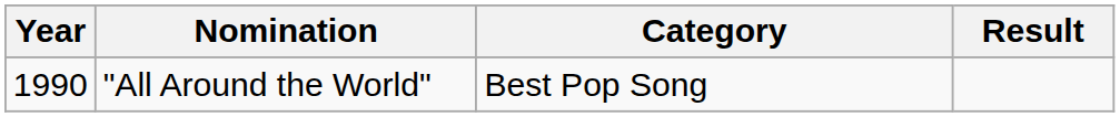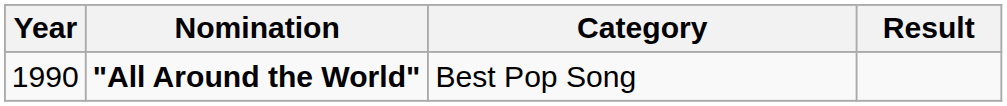 <table class="wikitable">
 <tr>
 <th width="30">Year</th>
 <th width="175">Nomination</th>
 <th width="220">Category</th>
 <th width="70">Result</th>
 </tr>
 <tr>
 <td>1990</td>
-<td>"All Around the World"</td>
+<td><strong>"All Around the World"</strong></td>
 <td>Best Pop Song</td>
 <td></td>
 </tr>
 </table>
